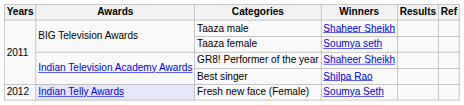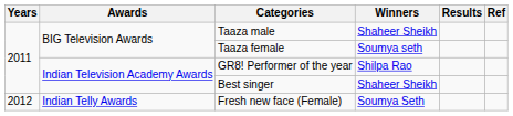 <table class="wikitable">
 <tr>
 <th>Years</th>
 <th>Awards</th>
 <th>Categories</th>
 <th>Winners</th>
 <th>Results</th>
 <th>Ref</th>
 </tr>
 <tr>
 <td rowspan="4">2011</td>
 <td rowspan="2">BIG Television Awards</td>
 <td>Taaza male</td>
 <td><a href='#'>Shaheer Sheikh</a></td>
 <td></td>
 <td></td>
 </tr>
 <tr>
 <td>Taaza female</td>
 <td><a href='#'>Soumya seth</a></td>
 <td></td>
 </tr>
 <tr>
 <td rowspan="2"><a href='#'>Indian Television Academy Awards</a></td>
 <td>GR8! Performer of the year</td>
-<td><a href='#'>Shaheer Sheikh</a></td>
+<td><a href='#'>Shilpa Rao</a></td>
 <td></td>
 <td><br></td>
 </tr>
 <tr>
 <td>Best singer</td>
-<td><a href='#'>Shilpa Rao</a></td>
+<td><a href='#'>Shaheer Sheikh</a></td>
 <td></td>
 </tr>
 <tr>
 <td rowspan="2">2012</td>
-<td style="background: lavender;"><a href='#'>Indian Telly Awards</a></td>
+<td><a href='#'>Indian Telly Awards</a></td>
 <td>Fresh new face (Female)</td>
 <td><a href='#'>Soumya Seth</a></td>
 <td></td>
 <td></td>
 </tr>
 </table>
